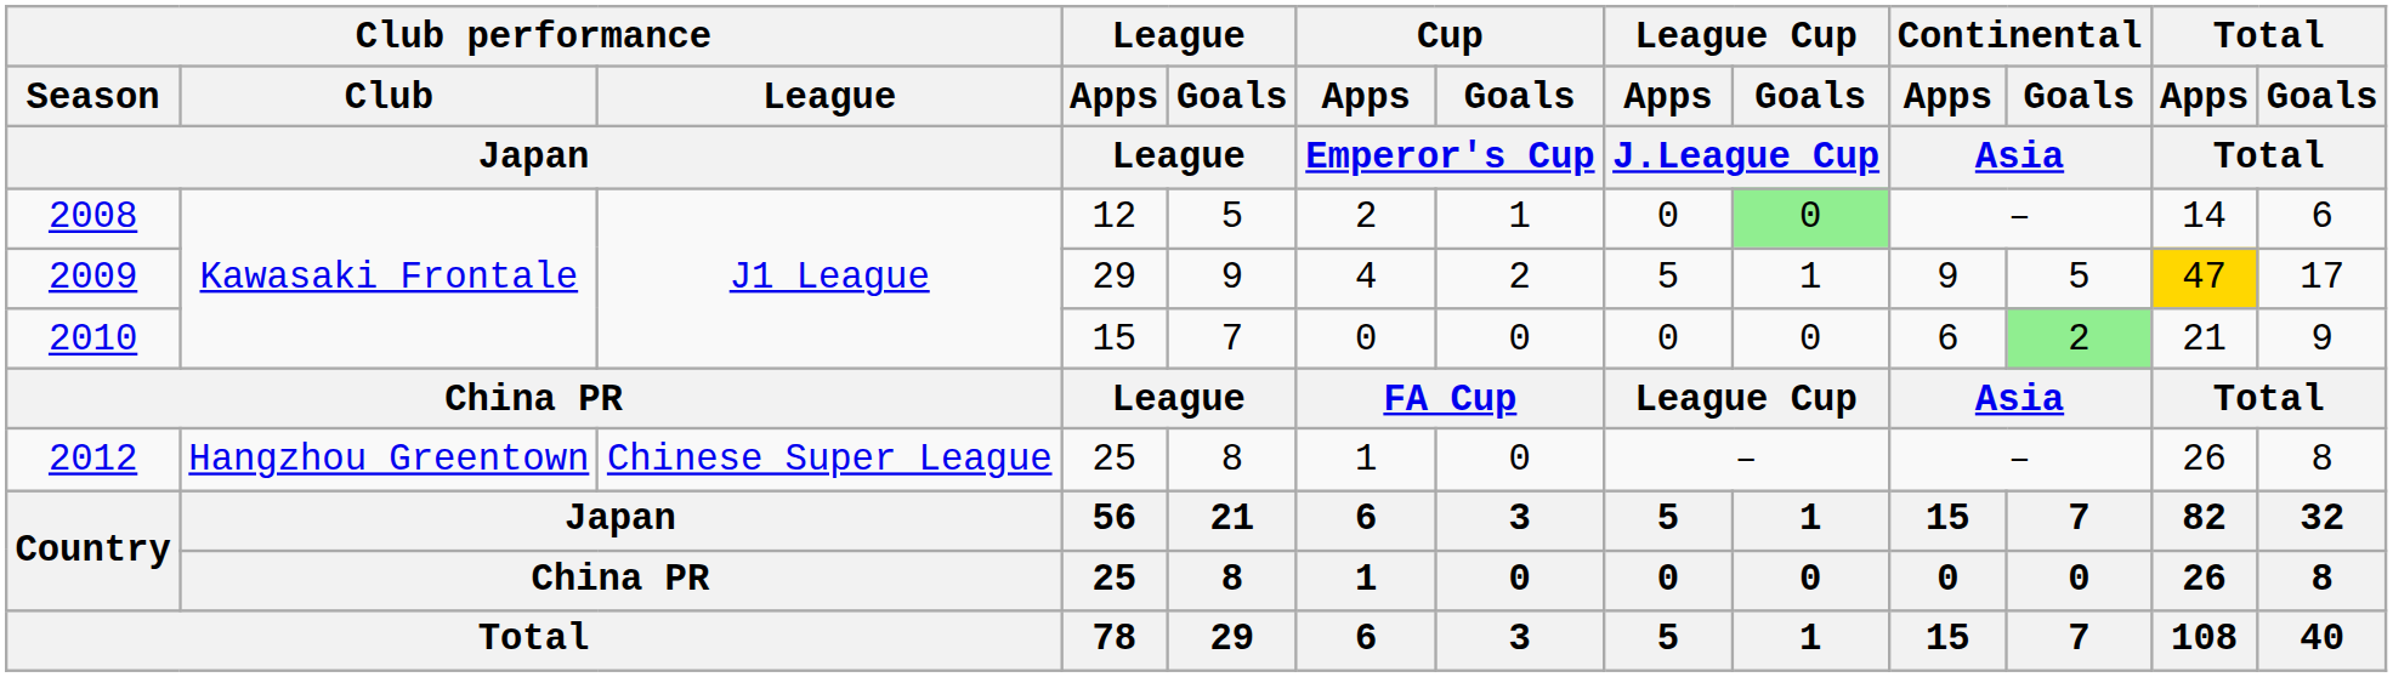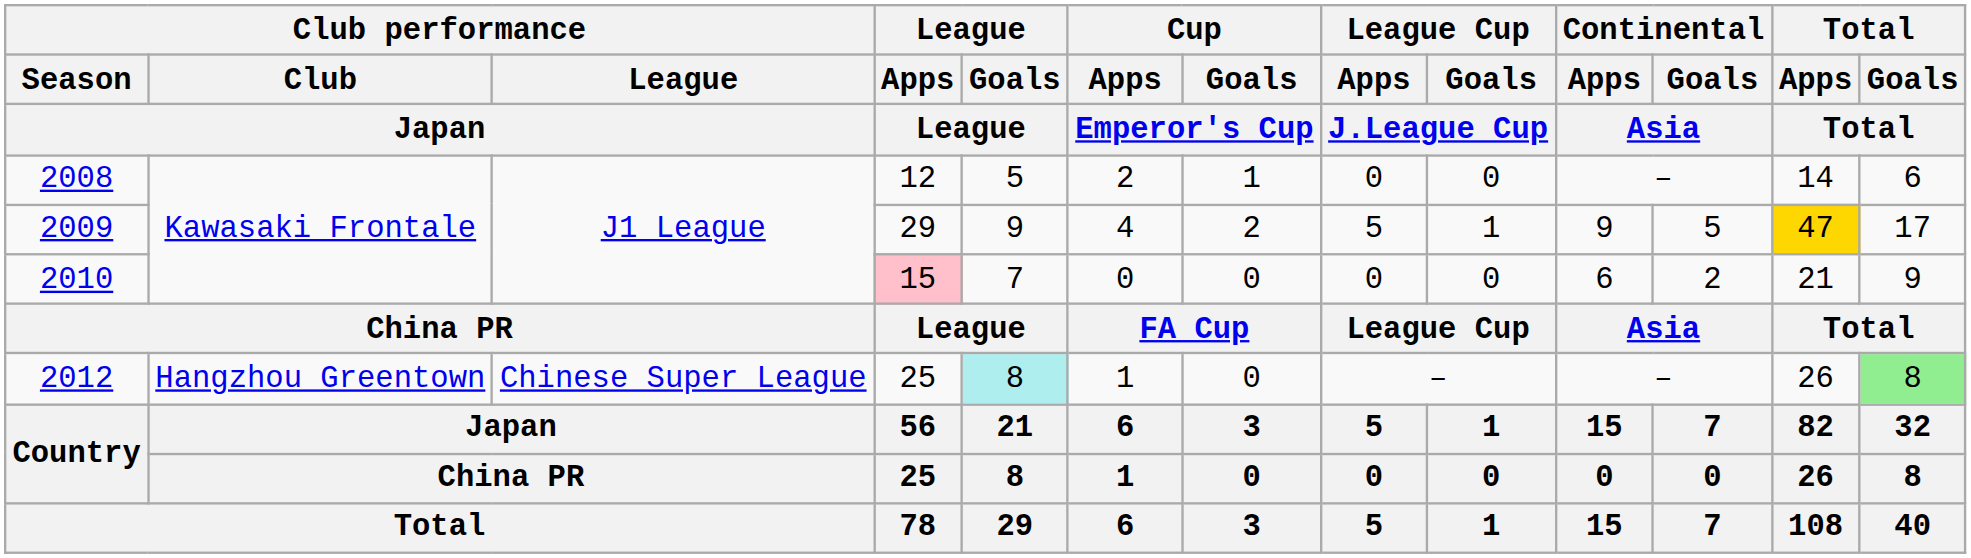 <table class="wikitable" style="text-align:center;">
 <tr>
 <th colspan=3>Club performance</th>
 <th colspan=2>League</th>
 <th colspan=2>Cup</th>
 <th colspan=2>League Cup</th>
 <th colspan=2>Continental</th>
 <th colspan=2>Total</th>
 </tr>
 <tr>
 <th>Season</th>
 <th>Club</th>
 <th>League</th>
 <th>Apps</th>
 <th>Goals</th>
 <th>Apps</th>
 <th>Goals</th>
 <th>Apps</th>
 <th>Goals</th>
 <th>Apps</th>
 <th>Goals</th>
 <th>Apps</th>
 <th>Goals</th>
 </tr>
 <tr>
 <th colspan=3>Japan</th>
 <th colspan=2>League</th>
 <th colspan=2><a href='#'>Emperor's Cup</a></th>
 <th colspan=2><a href='#'>J.League Cup</a></th>
 <th colspan=2><a href='#'>Asia</a></th>
 <th colspan=2>Total</th>
 </tr>
 <tr>
 <td><a href='#'>2008</a></td>
 <td rowspan="3"><a href='#'>Kawasaki Frontale</a></td>
 <td rowspan="3"><a href='#'>J1 League</a></td>
 <td>12</td>
 <td>5</td>
 <td>2</td>
 <td>1</td>
 <td>0</td>
-<td style="background: lightgreen;">0</td>
+<td>0</td>
 <td colspan="2">–</td>
 <td>14</td>
 <td>6</td>
 </tr>
 <tr>
 <td><a href='#'>2009</a></td>
 <td>29</td>
 <td>9</td>
 <td>4</td>
 <td>2</td>
 <td>5</td>
 <td>1</td>
 <td>9</td>
 <td>5</td>
 <td style="background: gold;">47</td>
 <td>17</td>
 </tr>
 <tr>
 <td><a href='#'>2010</a></td>
-<td>15</td>
+<td style="background: pink;">15</td>
 <td>7</td>
 <td>0</td>
 <td>0</td>
 <td>0</td>
 <td>0</td>
 <td>6</td>
-<td style="background: lightgreen;">2</td>
+<td>2</td>
 <td>21</td>
 <td>9</td>
 </tr>
 <tr>
 <th colspan=3>China PR</th>
 <th colspan=2>League</th>
 <th colspan=2><a href='#'>FA Cup</a></th>
 <th colspan=2>League Cup</th>
 <th colspan=2><a href='#'>Asia</a></th>
 <th colspan=2>Total</th>
 </tr>
 <tr>
 <td><a href='#'>2012</a></td>
 <td><a href='#'>Hangzhou Greentown</a></td>
 <td><a href='#'>Chinese Super League</a></td>
 <td>25</td>
-<td>8</td>
+<td style="background: paleturquoise;">8</td>
 <td>1</td>
 <td>0</td>
 <td colspan="2">–</td>
 <td colspan="2">–</td>
 <td>26</td>
-<td>8</td>
+<td style="background: lightgreen;">8</td>
 </tr>
 <tr>
 <th rowspan=2>Country</th>
 <th colspan=2>Japan</th>
 <th>56</th>
 <th>21</th>
 <th>6</th>
 <th>3</th>
 <th>5</th>
 <th>1</th>
 <th>15</th>
 <th>7</th>
 <th>82</th>
 <th>32</th>
 </tr>
 <tr>
 <th colspan=2>China PR</th>
 <th>25</th>
 <th>8</th>
 <th>1</th>
 <th>0</th>
 <th>0</th>
 <th>0</th>
 <th>0</th>
 <th>0</th>
 <th>26</th>
 <th>8</th>
 </tr>
 <tr>
 <th colspan=3>Total</th>
 <th>78</th>
 <th>29</th>
 <th>6</th>
 <th>3</th>
 <th>5</th>
 <th>1</th>
 <th>15</th>
 <th>7</th>
 <th>108</th>
 <th>40</th>
 </tr>
 </table>
